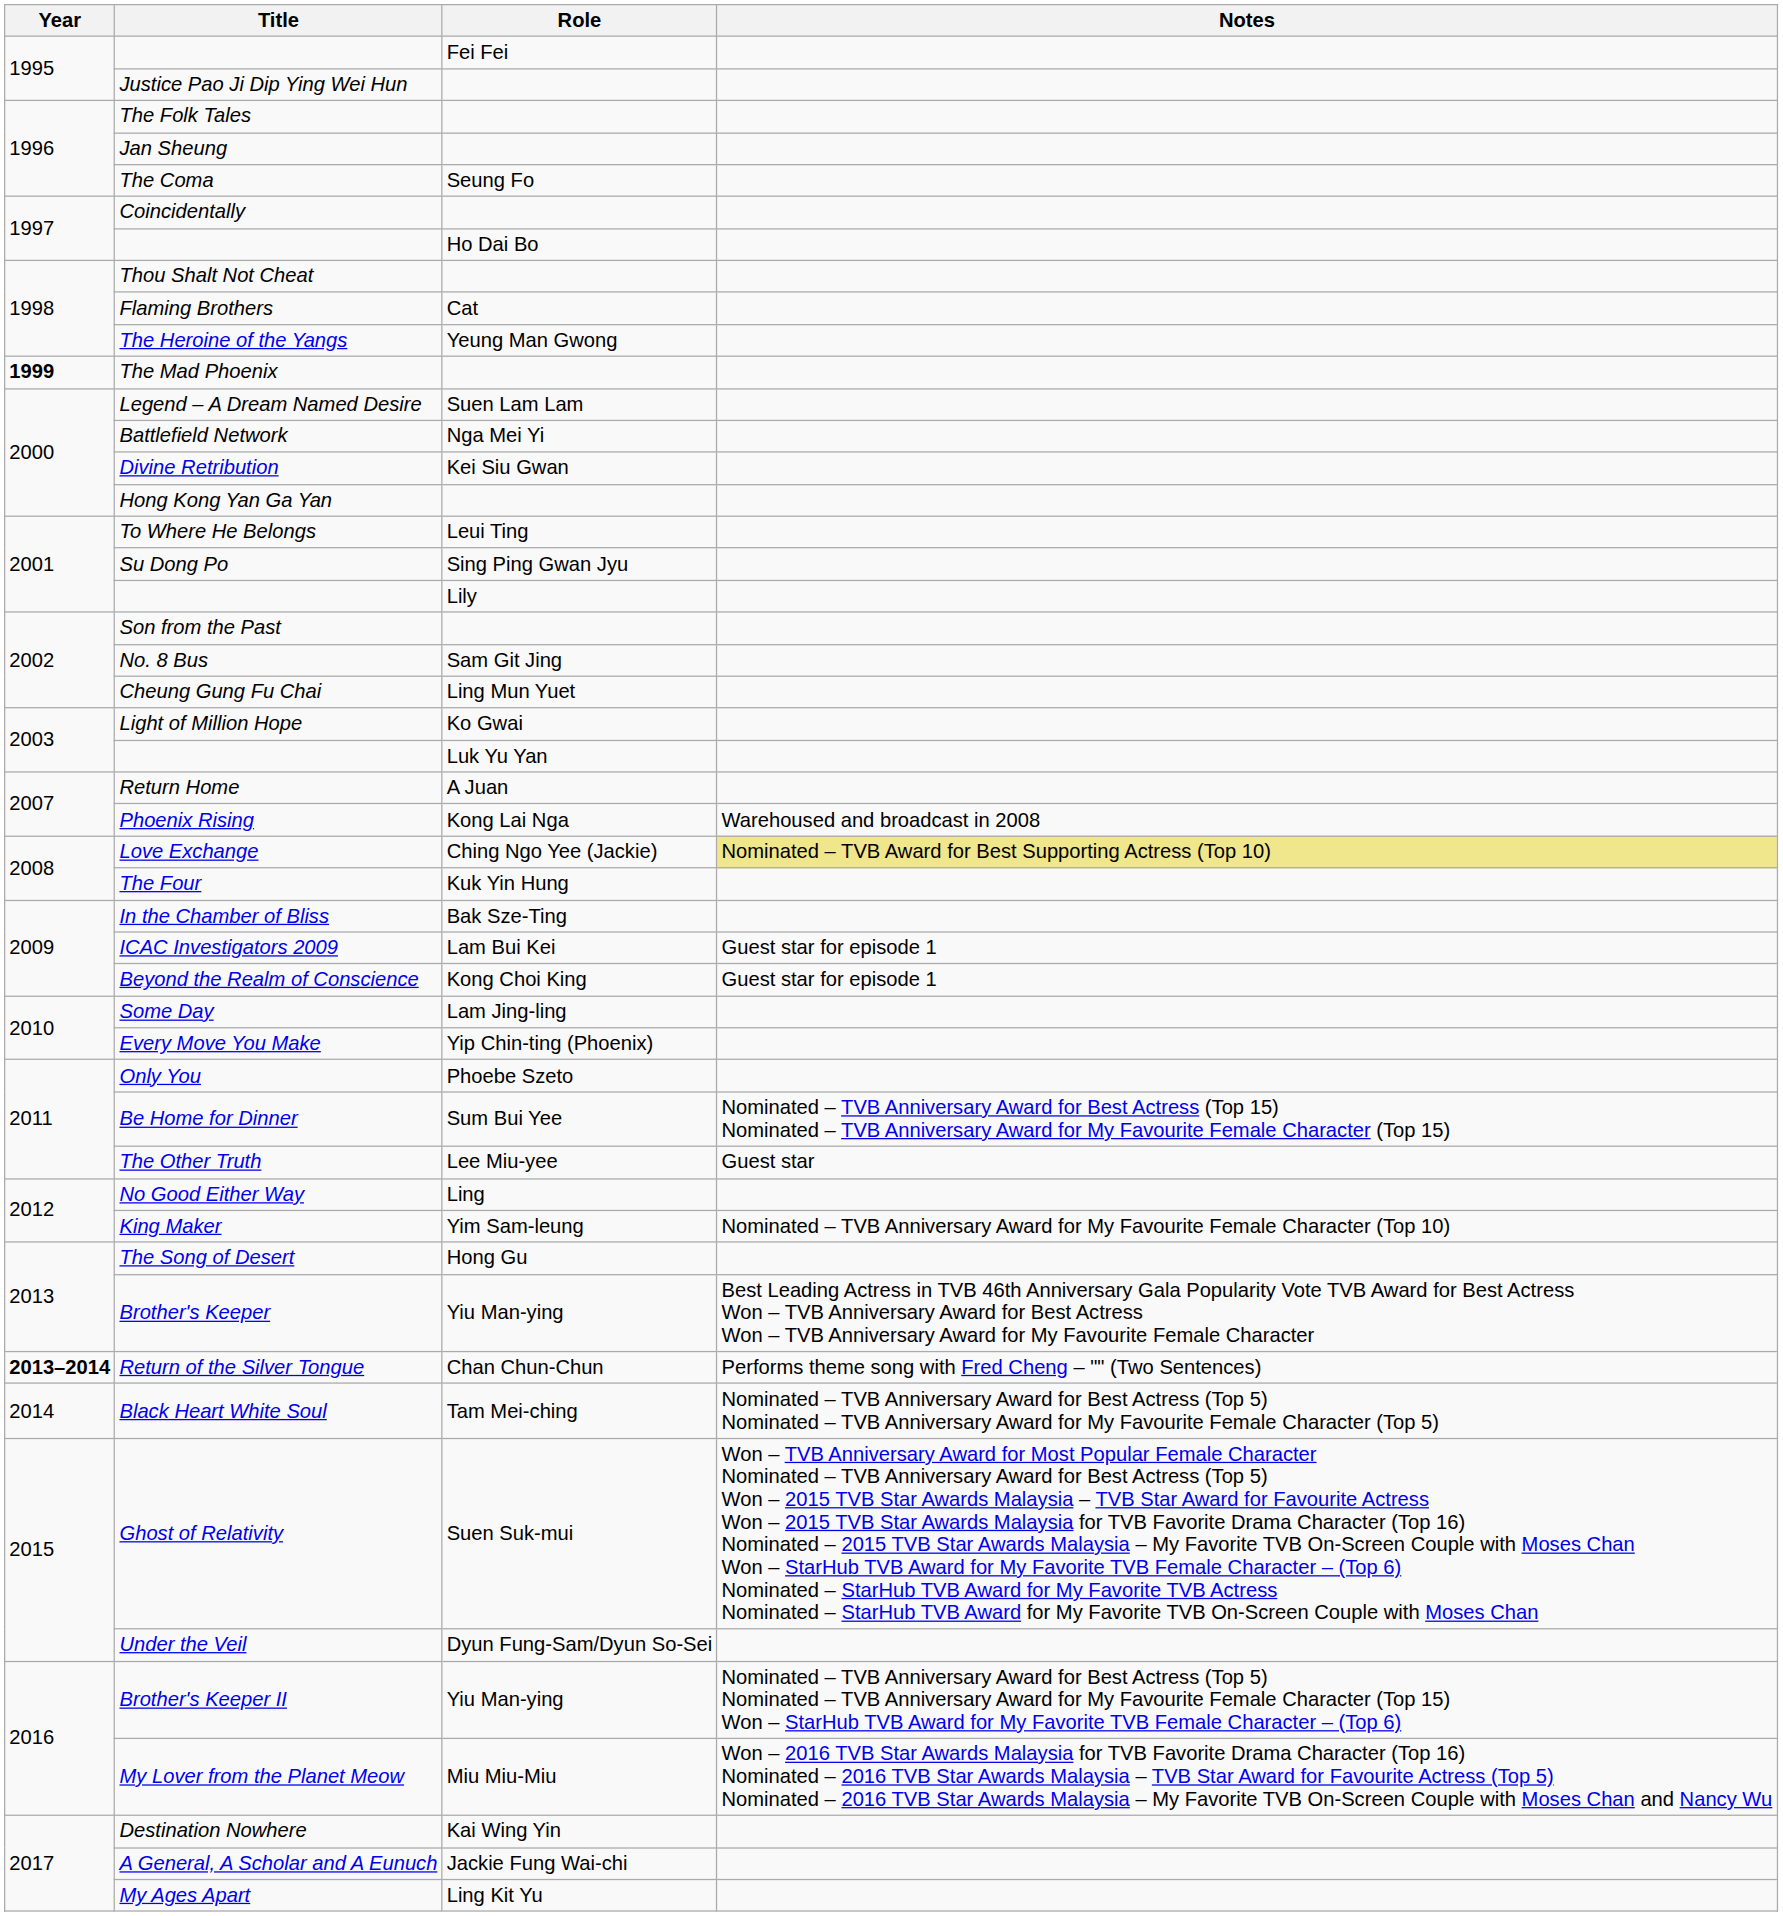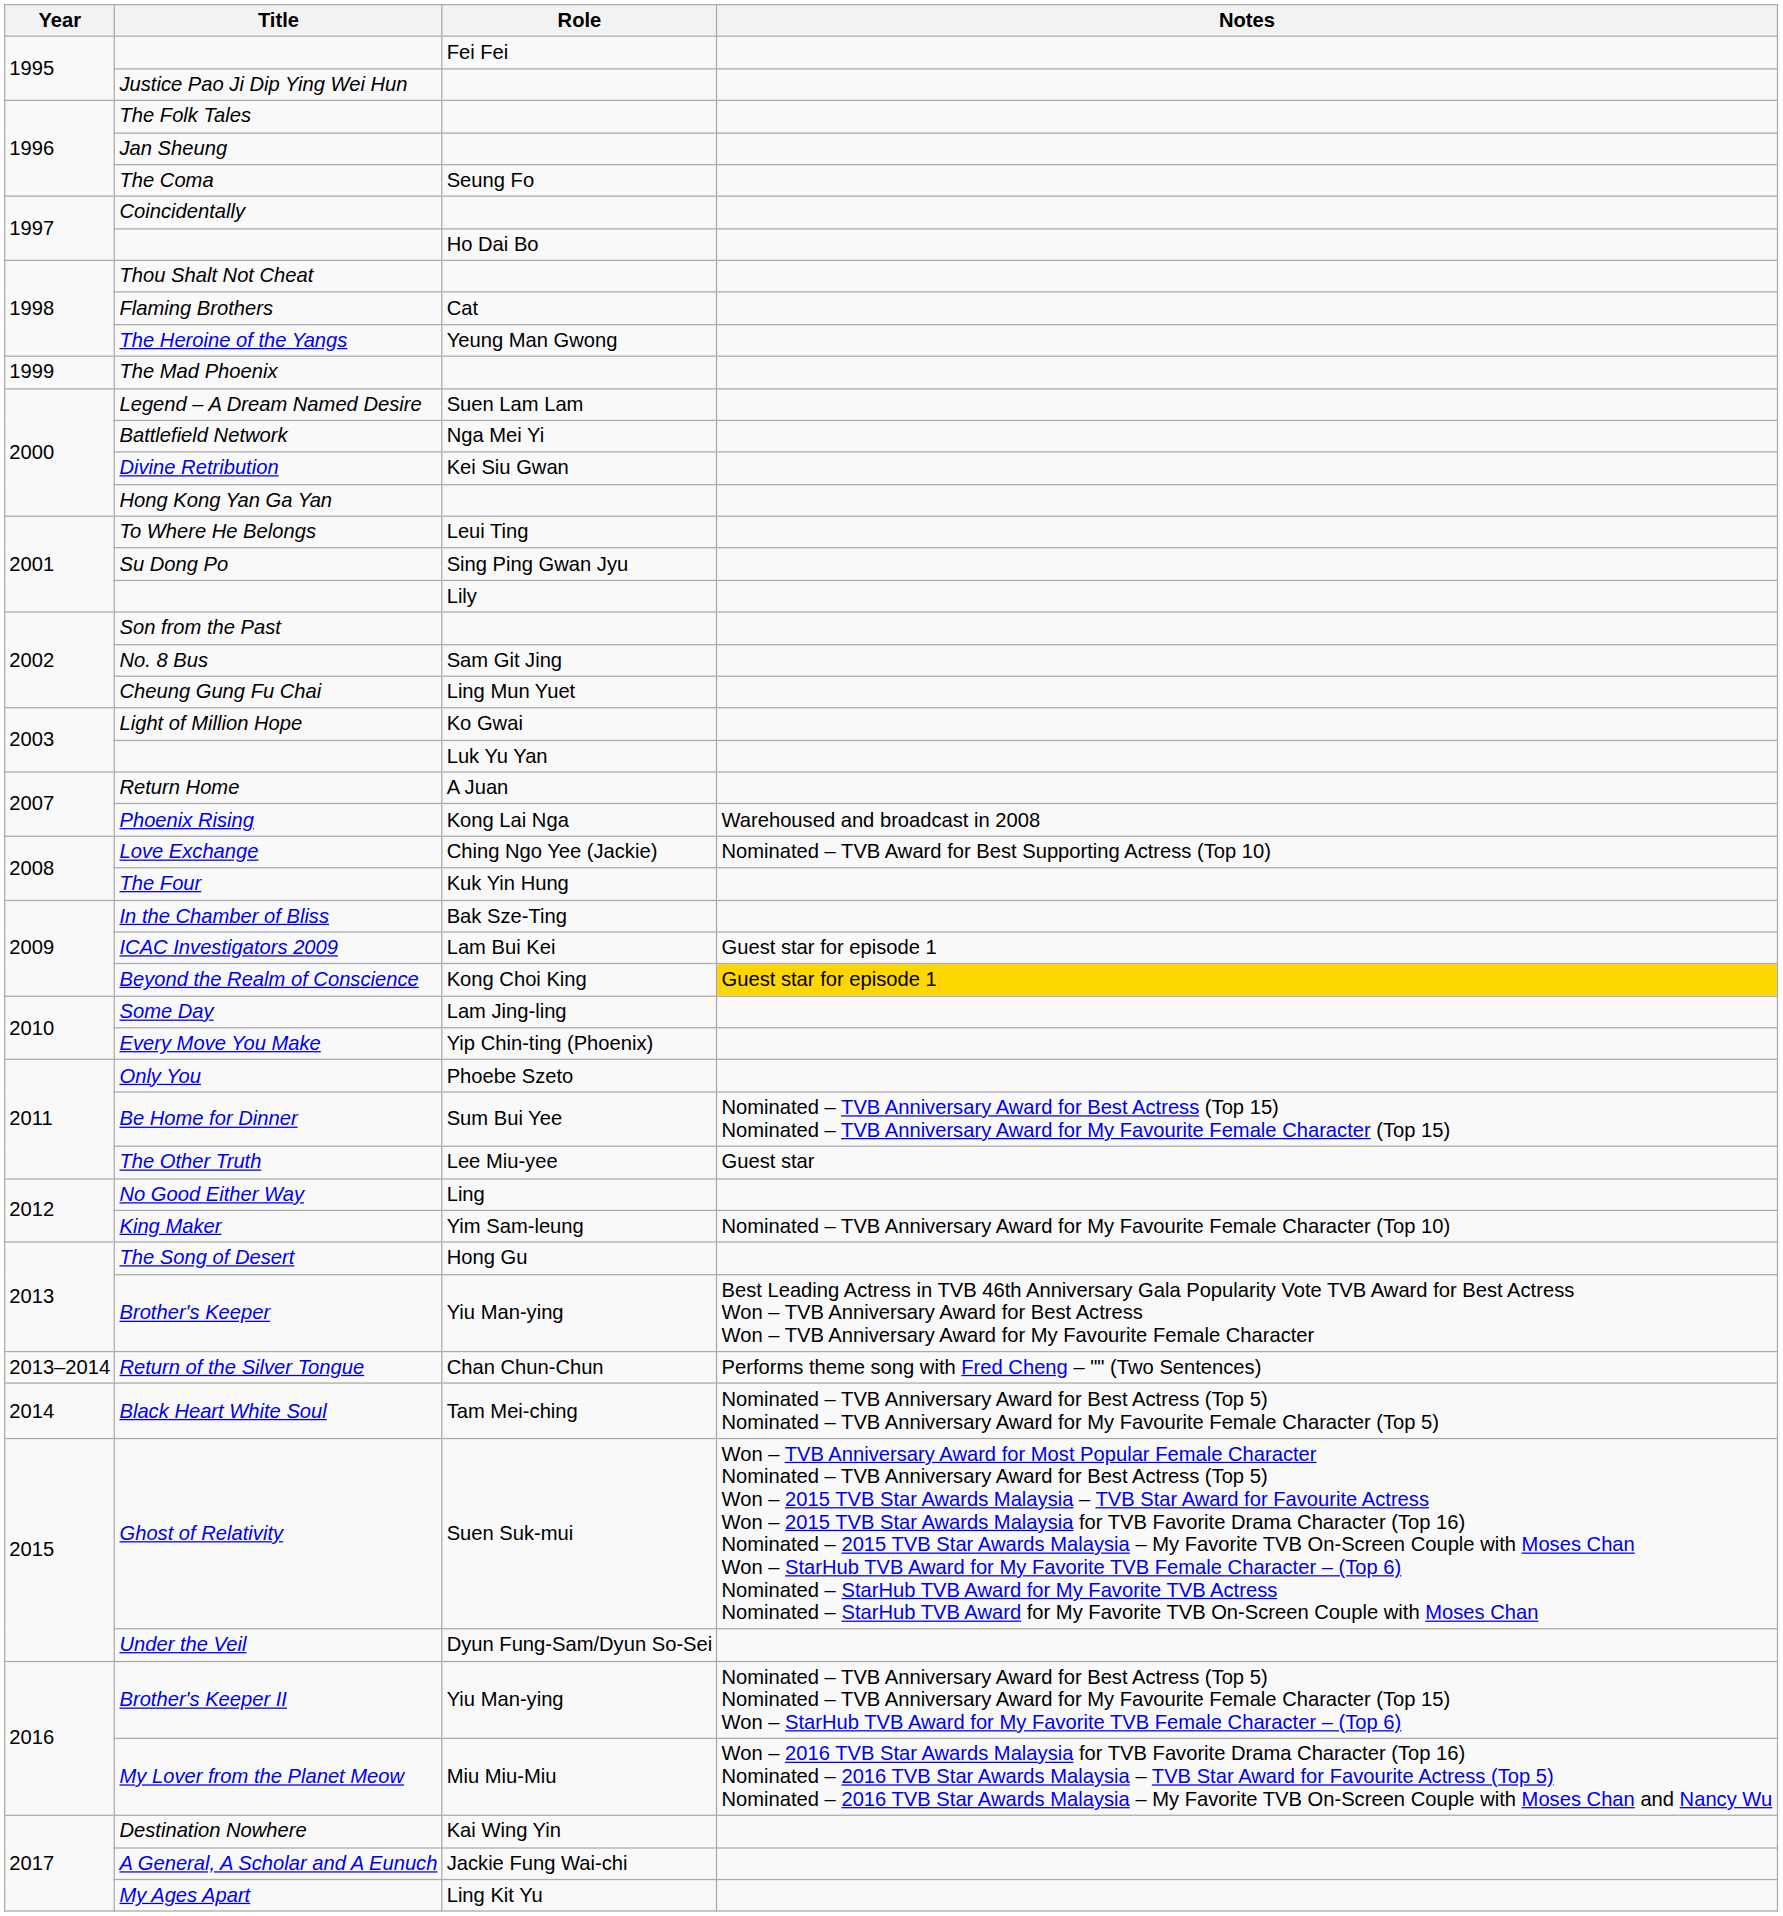 <table class="wikitable" style="font-size: 100%;">
 <tr>
 <th>Year</th>
 <th>Title</th>
 <th>Role</th>
 <th>Notes</th>
 </tr>
 <tr>
 <td rowspan="2">1995</td>
 <td></td>
 <td>Fei Fei</td>
 <td></td>
 </tr>
 <tr>
 <td><em>Justice Pao Ji Dip Ying Wei Hun</em></td>
 <td></td>
 <td></td>
 </tr>
 <tr>
 <td rowspan="3">1996</td>
 <td><em>The Folk Tales</em></td>
 <td></td>
 <td></td>
 </tr>
 <tr>
 <td><em>Jan Sheung</em></td>
 <td></td>
 <td></td>
 </tr>
 <tr>
 <td><em>The Coma</em></td>
 <td>Seung Fo</td>
 <td></td>
 </tr>
 <tr>
 <td rowspan="2">1997</td>
 <td><em>Coincidentally</em></td>
 <td></td>
 <td></td>
 </tr>
 <tr>
 <td></td>
 <td>Ho Dai Bo</td>
 <td></td>
 </tr>
 <tr>
 <td rowspan="3">1998</td>
 <td><em>Thou Shalt Not Cheat</em></td>
 <td></td>
 <td></td>
 </tr>
 <tr>
 <td><em>Flaming Brothers</em></td>
 <td>Cat</td>
 <td></td>
 </tr>
 <tr>
 <td><em><a href='#'>The Heroine of the Yangs</a></em></td>
 <td>Yeung Man Gwong</td>
 <td></td>
 </tr>
 <tr>
-<td rowspan="1"><strong>1999</strong></td>
+<td rowspan="1">1999</td>
 <td><em>The Mad Phoenix</em></td>
 <td></td>
 <td></td>
 </tr>
 <tr>
 <td rowspan="4">2000</td>
 <td><em>Legend – A Dream Named Desire</em></td>
 <td>Suen Lam Lam</td>
 <td></td>
 </tr>
 <tr>
 <td><em>Battlefield Network</em></td>
 <td>Nga Mei Yi</td>
 <td></td>
 </tr>
 <tr>
 <td><em><a href='#'>Divine Retribution</a></em></td>
 <td>Kei Siu Gwan</td>
 <td></td>
 </tr>
 <tr>
 <td><em>Hong Kong Yan Ga Yan</em></td>
 <td></td>
 <td></td>
 </tr>
 <tr>
 <td rowspan="3">2001</td>
 <td><em>To Where He Belongs</em></td>
 <td>Leui Ting</td>
 <td></td>
 </tr>
 <tr>
 <td><em>Su Dong Po</em></td>
 <td>Sing Ping Gwan Jyu</td>
 <td></td>
 </tr>
 <tr>
 <td></td>
 <td>Lily</td>
 <td></td>
 </tr>
 <tr>
 <td rowspan="3">2002</td>
 <td><em>Son from the Past</em></td>
 <td></td>
 <td></td>
 </tr>
 <tr>
 <td><em>No. 8 Bus</em></td>
 <td>Sam Git Jing</td>
 <td></td>
 </tr>
 <tr>
 <td><em>Cheung Gung Fu Chai</em></td>
 <td>Ling Mun Yuet</td>
 <td></td>
 </tr>
 <tr>
 <td rowspan="2">2003</td>
 <td><em>Light of Million Hope</em></td>
 <td>Ko Gwai</td>
 <td></td>
 </tr>
 <tr>
 <td></td>
 <td>Luk Yu Yan</td>
 <td></td>
 </tr>
 <tr>
 <td rowspan="2">2007</td>
 <td><em>Return Home</em></td>
 <td>A Juan</td>
 <td></td>
 </tr>
 <tr>
 <td><em><a href='#'>Phoenix Rising</a></em></td>
 <td>Kong Lai Nga</td>
 <td>Warehoused and broadcast in 2008</td>
 </tr>
 <tr>
 <td rowspan="2">2008</td>
 <td><em><a href='#'>Love Exchange</a></em></td>
 <td>Ching Ngo Yee (Jackie)</td>
-<td style="background: khaki;">Nominated – TVB Award for Best Supporting Actress (Top 10)</td>
+<td>Nominated – TVB Award for Best Supporting Actress (Top 10)</td>
 </tr>
 <tr>
 <td><em><a href='#'>The Four</a></em></td>
 <td>Kuk Yin Hung</td>
 <td></td>
 </tr>
 <tr>
 <td rowspan="3">2009</td>
 <td><em><a href='#'>In the Chamber of Bliss</a></em></td>
 <td>Bak Sze-Ting</td>
 <td></td>
 </tr>
 <tr>
 <td><em><a href='#'>ICAC Investigators 2009</a></em></td>
 <td>Lam Bui Kei</td>
 <td>Guest star for episode 1</td>
 </tr>
 <tr>
 <td><em><a href='#'>Beyond the Realm of Conscience</a></em></td>
 <td>Kong Choi King</td>
-<td>Guest star for episode 1</td>
+<td style="background: gold;">Guest star for episode 1</td>
 </tr>
 <tr>
 <td rowspan=2>2010</td>
 <td><em><a href='#'>Some Day</a></em></td>
 <td>Lam Jing-ling</td>
 <td></td>
 </tr>
 <tr>
 <td><em><a href='#'>Every Move You Make</a></em></td>
 <td>Yip Chin-ting (Phoenix)</td>
 <td></td>
 </tr>
 <tr>
 <td rowspan=3>2011</td>
 <td><em><a href='#'>Only You</a></em></td>
 <td>Phoebe Szeto</td>
 <td></td>
 </tr>
 <tr>
 <td><em><a href='#'>Be Home for Dinner</a></em></td>
 <td>Sum Bui Yee</td>
 <td>Nominated – <a href='#'>TVB Anniversary Award for Best Actress</a> (Top 15)<br>Nominated – <a href='#'>TVB Anniversary Award for My Favourite Female Character</a> (Top 15)</td>
 </tr>
 <tr>
 <td><em><a href='#'>The Other Truth</a></em></td>
 <td>Lee Miu-yee</td>
 <td>Guest star</td>
 </tr>
 <tr>
 <td rowspan=2>2012</td>
 <td><em><a href='#'>No Good Either Way</a></em></td>
 <td>Ling</td>
 <td></td>
 </tr>
 <tr>
 <td><em><a href='#'>King Maker</a></em></td>
 <td>Yim Sam-leung</td>
 <td>Nominated – TVB Anniversary Award for My Favourite Female Character (Top 10)</td>
 </tr>
 <tr>
 <td rowspan=2>2013</td>
 <td><em><a href='#'>The Song of Desert</a></em></td>
 <td>Hong Gu</td>
 <td></td>
 </tr>
 <tr>
 <td><em><a href='#'>Brother's Keeper</a></em></td>
 <td>Yiu Man-ying</td>
 <td>Best Leading Actress in TVB 46th Anniversary Gala Popularity Vote TVB Award for Best Actress <br>Won – TVB Anniversary Award for Best Actress<br>Won – TVB Anniversary Award for My Favourite Female Character</td>
 </tr>
 <tr>
-<td><strong>2013–2014</strong></td>
+<td>2013–2014</td>
 <td><em><a href='#'>Return of the Silver Tongue</a></em></td>
 <td>Chan Chun-Chun</td>
 <td>Performs theme song with <a href='#'>Fred Cheng</a> – "" (Two Sentences)</td>
 </tr>
 <tr>
 <td rowspan="1">2014</td>
 <td><em><a href='#'>Black Heart White Soul</a></em></td>
 <td>Tam Mei-ching</td>
 <td>Nominated – TVB Anniversary Award for Best Actress (Top 5)<br>Nominated – TVB Anniversary Award for My Favourite Female Character (Top 5)</td>
 </tr>
 <tr>
 <td rowspan=2>2015</td>
 <td><em><a href='#'>Ghost of Relativity</a></em></td>
 <td>Suen Suk-mui</td>
 <td>Won – <a href='#'>TVB Anniversary Award for Most Popular Female Character</a><br>Nominated – TVB Anniversary Award for Best Actress (Top 5)<br>Won – <a href='#'>2015 TVB Star Awards Malaysia</a> – <a href='#'>TVB Star Award for Favourite Actress</a><br>Won – <a href='#'>2015 TVB Star Awards Malaysia</a> for TVB Favorite Drama Character (Top 16)<br>Nominated – <a href='#'>2015 TVB Star Awards Malaysia</a> – My Favorite TVB On-Screen Couple with <a href='#'>Moses Chan</a><br> Won – <a href='#'>StarHub TVB Award for My Favorite TVB Female Character – (Top 6)</a> <br> Nominated – <a href='#'>StarHub TVB Award for My Favorite TVB Actress</a><br> Nominated – <a href='#'>StarHub TVB Award</a> for My Favorite TVB On-Screen Couple with <a href='#'>Moses Chan</a></td>
 </tr>
 <tr>
 <td><em><a href='#'>Under the Veil</a></em></td>
 <td>Dyun Fung-Sam/Dyun So-Sei</td>
 <td></td>
 </tr>
 <tr>
 <td rowspan=2>2016</td>
 <td><em><a href='#'>Brother's Keeper II</a></em></td>
 <td>Yiu Man-ying</td>
 <td>Nominated – TVB Anniversary Award for Best Actress (Top 5) <br>Nominated – TVB Anniversary Award for My Favourite Female Character (Top 15)<br>Won – <a href='#'>StarHub TVB Award for My Favorite TVB Female Character – (Top 6)</a></td>
 </tr>
 <tr>
 <td><em><a href='#'>My Lover from the Planet Meow</a></em></td>
 <td>Miu Miu-Miu</td>
 <td>Won – <a href='#'>2016 TVB Star Awards Malaysia</a> for TVB Favorite Drama Character (Top 16)<br> Nominated – <a href='#'>2016 TVB Star Awards Malaysia</a> – <a href='#'>TVB Star Award for Favourite Actress (Top 5)</a><br> Nominated – <a href='#'>2016 TVB Star Awards Malaysia</a> – My Favorite TVB On-Screen Couple with <a href='#'>Moses Chan</a> and <a href='#'>Nancy Wu</a></td>
 </tr>
 <tr>
 <td rowspan=3>2017</td>
 <td><em>Destination Nowhere</em></td>
 <td>Kai Wing Yin</td>
 <td></td>
 </tr>
 <tr>
 <td><em><a href='#'>A General, A Scholar and A Eunuch</a></em></td>
 <td>Jackie Fung Wai-chi</td>
 <td></td>
 </tr>
 <tr>
 <td><em><a href='#'>My Ages Apart</a></em></td>
 <td>Ling Kit Yu</td>
 <td></td>
 </tr>
 </table>
